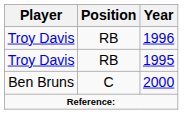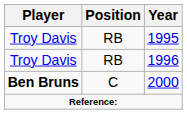 <table class="wikitable" style="text-align: center">
 <tr align=center>
 <th>Player</th>
 <th>Position</th>
 <th>Year</th>
 </tr>
 <tr align=center>
 <td><a href='#'>Troy Davis</a></td>
 <td>RB</td>
-<td><a href='#'>1996</a></td>
+<td><a href='#'>1995</a></td>
 </tr>
 <tr align=center>
 <td><a href='#'>Troy Davis</a></td>
 <td>RB</td>
-<td><a href='#'>1995</a></td>
+<td><a href='#'>1996</a></td>
 </tr>
 <tr align=center>
-<td>Ben Bruns</td>
+<td><strong>Ben Bruns</strong></td>
 <td>C</td>
 <td><a href='#'>2000</a></td>
 </tr>
 <tr align=center>
 <td colspan="3"  style="font-size:8pt; text-align:center;"><strong>Reference:</strong></td>
 </tr>
 </table>
